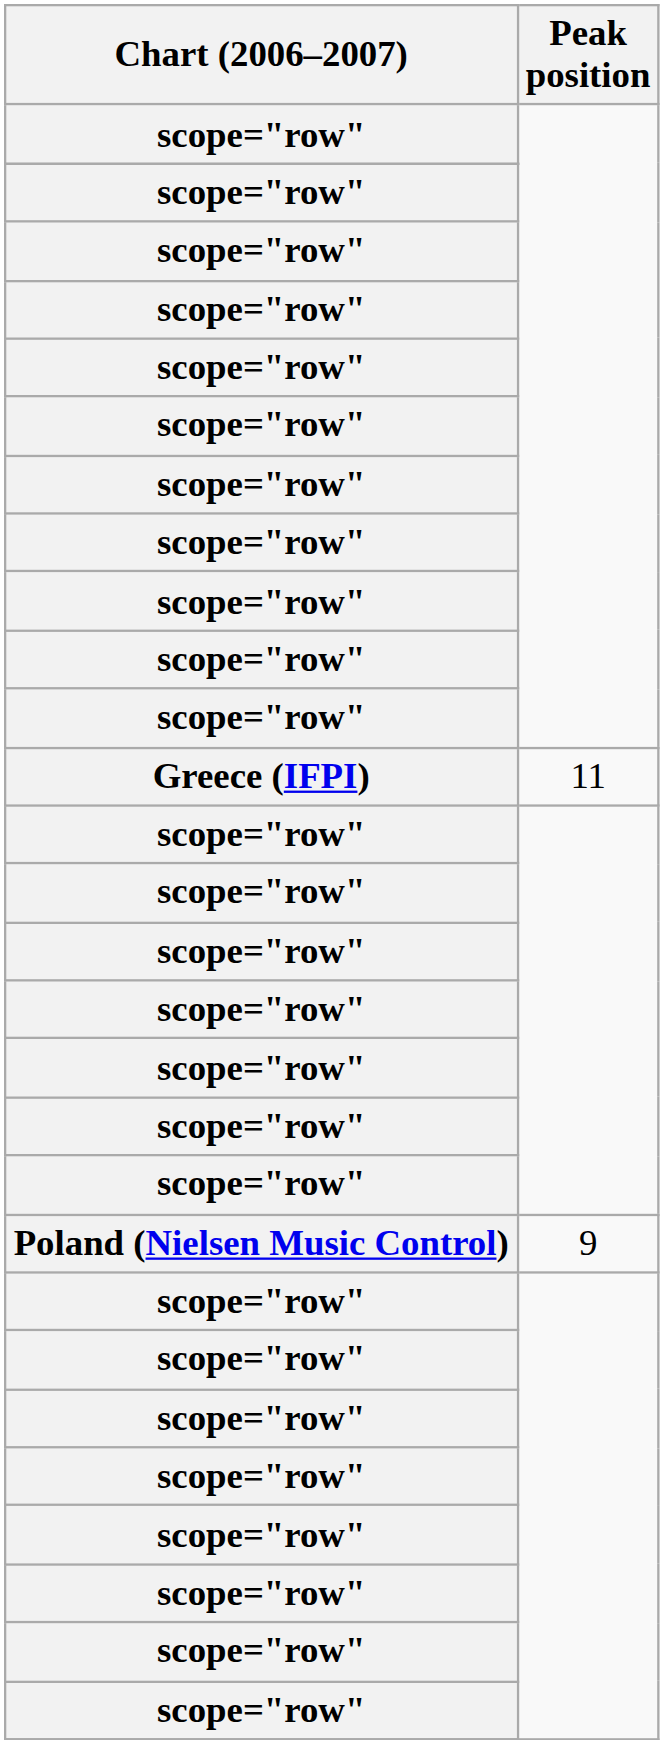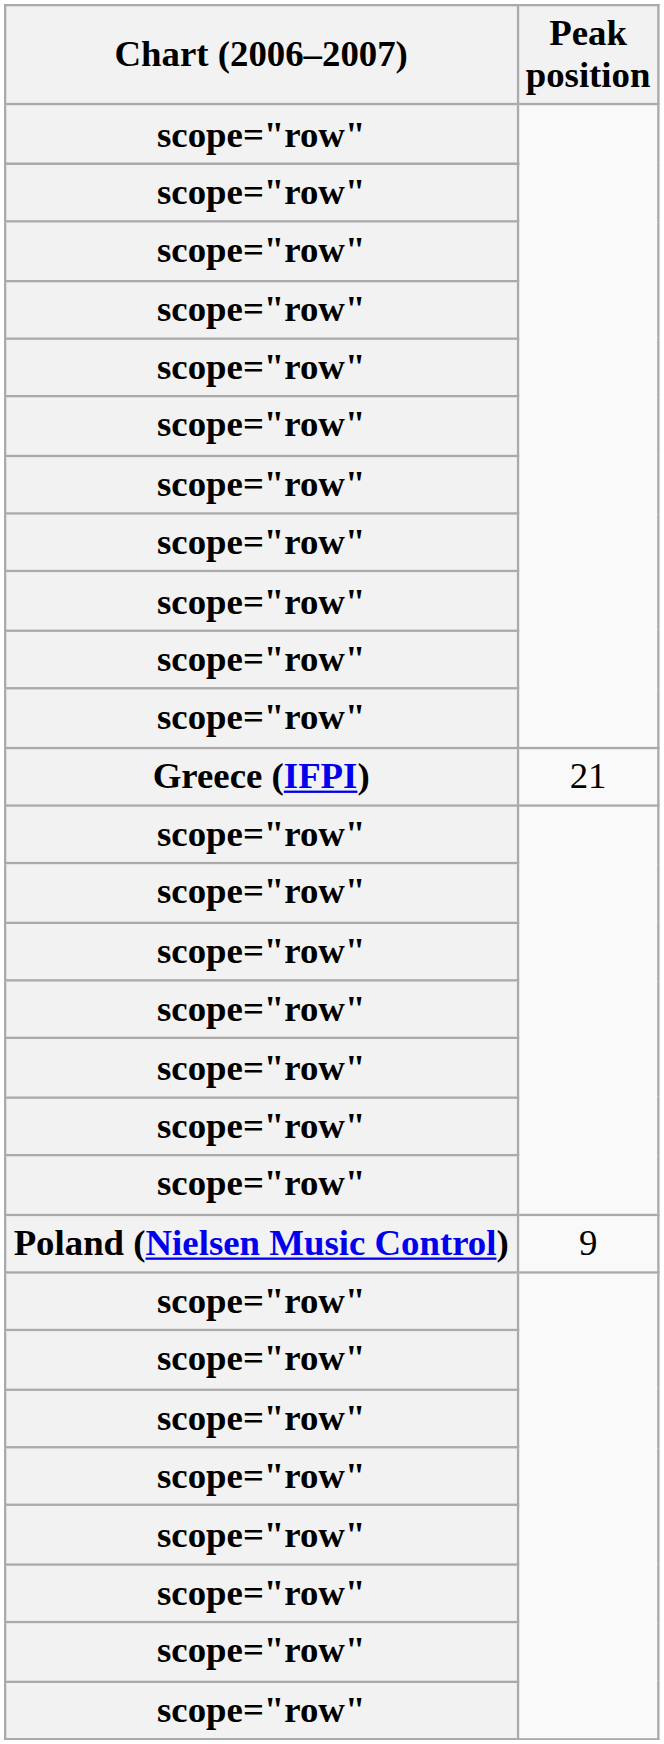 <table class="wikitable sortable plainrowheaders" style="text-align:center">
 <tr>
 <th>Chart (2006–2007)</th>
 <th>Peak<br>position</th>
 </tr>
 <tr>
 <th>scope="row" </th>
 </tr>
 <tr>
 </tr>
 <tr>
 <th>scope="row" </th>
 </tr>
 <tr>
 <th>scope="row" </th>
 </tr>
 <tr>
 <th>scope="row" </th>
 </tr>
 <tr>
 <th>scope="row" </th>
 </tr>
 <tr>
 <th>scope="row" </th>
 </tr>
 <tr>
 <th>scope="row" </th>
 </tr>
 <tr>
 <th>scope="row" </th>
 </tr>
 <tr>
 <th>scope="row" </th>
 </tr>
 <tr>
 <th>scope="row" </th>
 </tr>
 <tr>
 <th>scope="row" </th>
 </tr>
 <tr>
 <th scope="row">Greece (<a href='#'>IFPI</a>)</th>
-<td>11</td>
+<td>21</td>
 </tr>
 <tr>
 <th>scope="row" </th>
 </tr>
 <tr>
 <th>scope="row" </th>
 </tr>
 <tr>
 <th>scope="row" </th>
 </tr>
 <tr>
 <th>scope="row" </th>
 </tr>
 <tr>
 <th>scope="row" </th>
 </tr>
 <tr>
 <th>scope="row" </th>
 </tr>
 <tr>
 <th>scope="row" </th>
 </tr>
 <tr>
 <th scope="row">Poland (<a href='#'>Nielsen Music Control</a>)</th>
 <td>9</td>
 </tr>
 <tr>
 <th>scope="row" </th>
 </tr>
 <tr>
 <th>scope="row" </th>
 </tr>
 <tr>
 <th>scope="row" </th>
 </tr>
 <tr>
 <th>scope="row" </th>
 </tr>
 <tr>
 <th>scope="row" </th>
 </tr>
 <tr>
 <th>scope="row" </th>
 </tr>
 <tr>
 <th>scope="row" </th>
 </tr>
 <tr>
 <th>scope="row" </th>
 </tr>
 <tr>
 </tr>
 </table>
